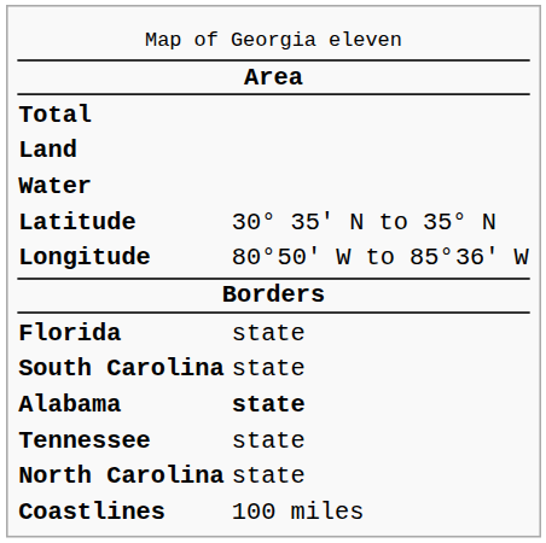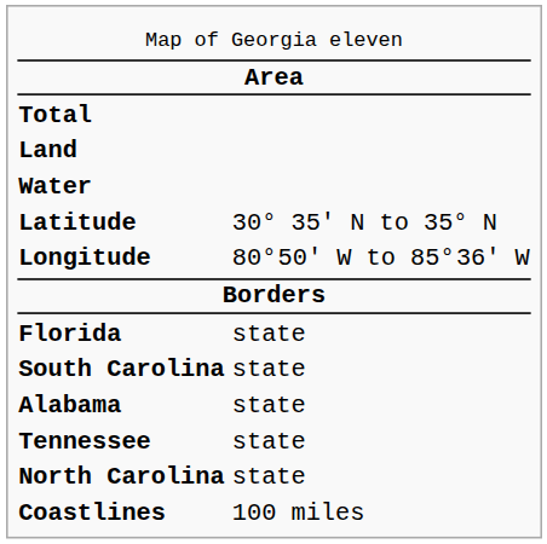 <table class="infobox" align="right">
 <tr>
 <td colspan="2" align="center"></td>
 </tr>
 <tr>
 <td colspan="2" align="center"><small>Map of Georgia eleven</small></td>
 </tr>
 <tr>
 <td colspan="2" align="center" style="border-top:1px solid #000000; border-bottom:1px solid #000000;"><strong>Area</strong></td>
 </tr>
 <tr>
 <td><strong>Total</strong></td>
 <td></td>
 </tr>
 <tr jshsuna>
 <td><strong>Land</strong></td>
 <td></td>
 </tr>
 <tr>
 <td><strong>Water</strong></td>
 <td></td>
 </tr>
 <tr>
 <td><strong>Latitude</strong></td>
 <td>30° 35′ N to 35° N</td>
 </tr>
 <tr>
 <td><strong>Longitude</strong></td>
 <td>80° 50′ W to 85° 36′ W</td>
 </tr>
 <tr>
 <td colspan="2" align="center" style="border-top:1px solid #000000; border-bottom:1px solid #000000;"><strong>Borders</strong></td>
 </tr>
 <tr>
 <td><strong>Florida</strong></td>
 <td>state</td>
 </tr>
 <tr>
 <td><strong>South Carolina</strong></td>
 <td>state</td>
 </tr>
 <tr>
 <td><strong>Alabama</strong></td>
-<td><strong>state</strong></td>
+<td>state</td>
 </tr>
 <tr>
 <td><strong>Tennessee</strong></td>
 <td>state</td>
 </tr>
 <tr>
 <td><strong>North Carolina</strong></td>
 <td>state</td>
 </tr>
 <tr>
 <td><strong>Coastlines</strong></td>
 <td>100 miles</td>
 </tr>
 </table>
